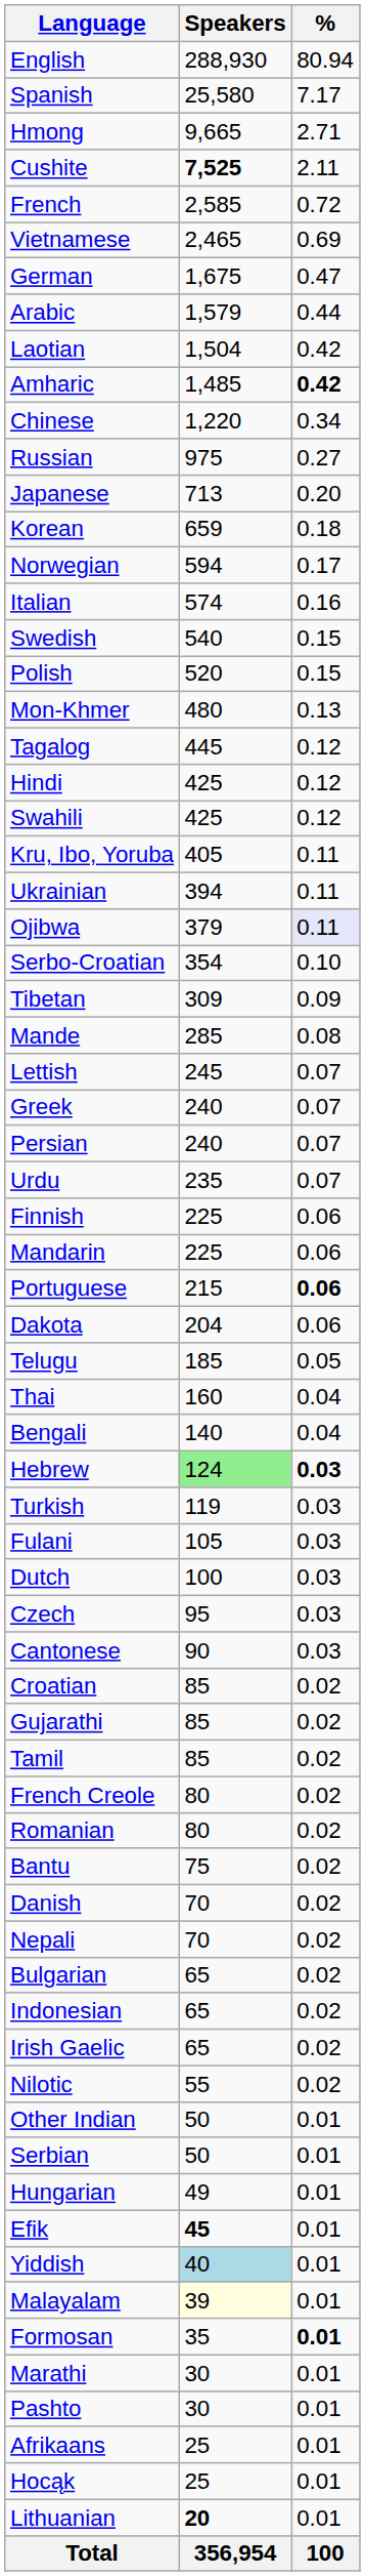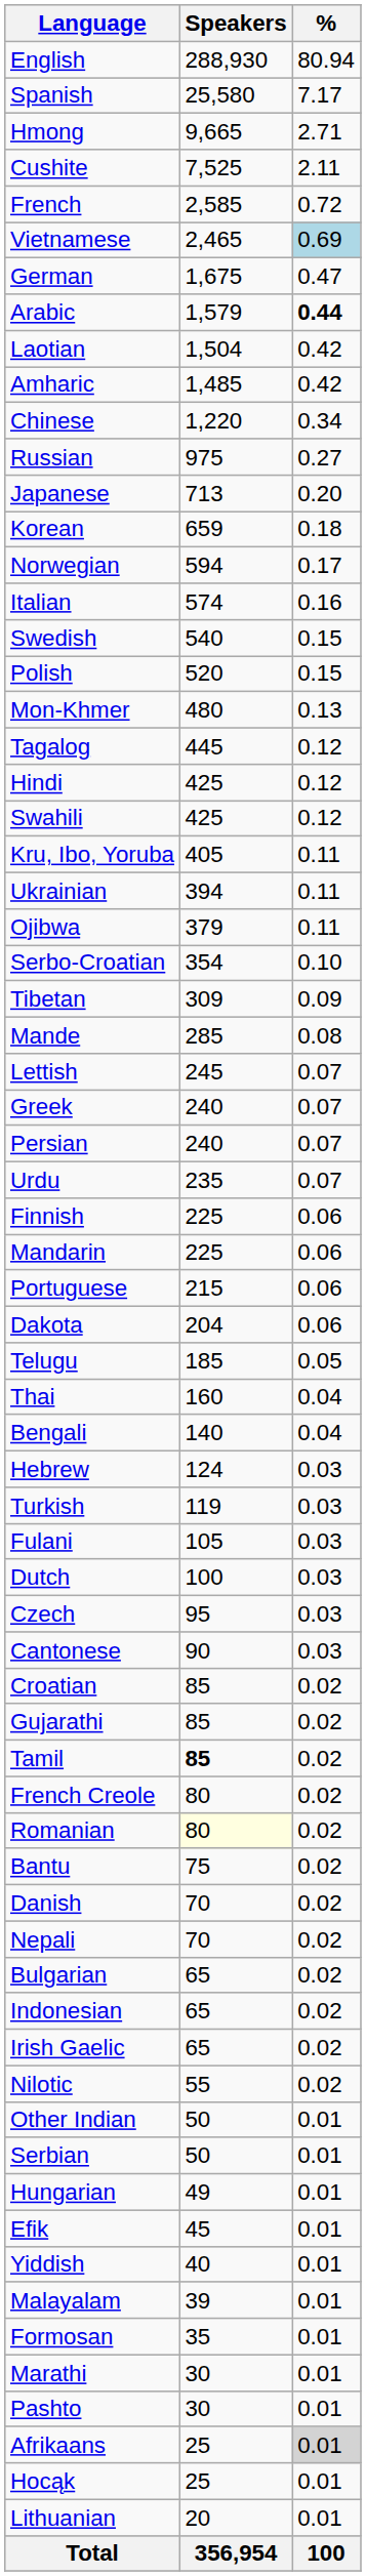 <table class="wikitable sortable mw-collapsible mw-collapsed collapsible" style="font-size: 90%;">
 <tr>
 <th><a href='#'>Language</a></th>
 <th>Speakers</th>
 <th>%</th>
 </tr>
 <tr>
 <td><a href='#'>English</a></td>
 <td>288,930</td>
 <td>80.94</td>
 </tr>
 <tr>
 <td><a href='#'>Spanish</a></td>
 <td>25,580</td>
 <td>7.17</td>
 </tr>
 <tr>
 <td><a href='#'>Hmong</a></td>
 <td>9,665</td>
 <td>2.71</td>
 </tr>
 <tr>
 <td><a href='#'>Cushite</a></td>
-<td><strong>7,525</strong></td>
+<td>7,525</td>
 <td>2.11</td>
 </tr>
 <tr>
 <td><a href='#'>French</a></td>
 <td>2,585</td>
 <td>0.72</td>
 </tr>
 <tr>
 <td><a href='#'>Vietnamese</a></td>
 <td>2,465</td>
-<td>0.69</td>
+<td style="background: lightblue;">0.69</td>
 </tr>
 <tr>
 <td><a href='#'>German</a></td>
 <td>1,675</td>
 <td>0.47</td>
 </tr>
 <tr>
 <td><a href='#'>Arabic</a></td>
 <td>1,579</td>
-<td>0.44</td>
+<td><strong>0.44</strong></td>
 </tr>
 <tr>
 <td><a href='#'>Laotian</a></td>
 <td>1,504</td>
 <td>0.42</td>
 </tr>
 <tr>
 <td><a href='#'>Amharic</a></td>
 <td>1,485</td>
-<td><strong>0.42</strong></td>
+<td>0.42</td>
 </tr>
 <tr>
 <td><a href='#'>Chinese</a></td>
 <td>1,220</td>
 <td>0.34</td>
 </tr>
 <tr>
 <td><a href='#'>Russian</a></td>
 <td>975</td>
 <td>0.27</td>
 </tr>
 <tr>
 <td><a href='#'>Japanese</a></td>
 <td>713</td>
 <td>0.20</td>
 </tr>
 <tr>
 <td><a href='#'>Korean</a></td>
 <td>659</td>
 <td>0.18</td>
 </tr>
 <tr>
 <td><a href='#'>Norwegian</a></td>
 <td>594</td>
 <td>0.17</td>
 </tr>
 <tr>
 <td><a href='#'>Italian</a></td>
 <td>574</td>
 <td>0.16</td>
 </tr>
 <tr>
 <td><a href='#'>Swedish</a></td>
 <td>540</td>
 <td>0.15</td>
 </tr>
 <tr>
 <td><a href='#'>Polish</a></td>
 <td>520</td>
 <td>0.15</td>
 </tr>
 <tr>
 <td><a href='#'>Mon-Khmer</a></td>
 <td>480</td>
 <td>0.13</td>
 </tr>
 <tr>
 <td><a href='#'>Tagalog</a></td>
 <td>445</td>
 <td>0.12</td>
 </tr>
 <tr>
 <td><a href='#'>Hindi</a></td>
 <td>425</td>
 <td>0.12</td>
 </tr>
 <tr>
 <td><a href='#'>Swahili</a></td>
 <td>425</td>
 <td>0.12</td>
 </tr>
 <tr>
 <td><a href='#'>Kru, Ibo, Yoruba</a></td>
 <td>405</td>
 <td>0.11</td>
 </tr>
 <tr>
 <td><a href='#'>Ukrainian</a></td>
 <td>394</td>
 <td>0.11</td>
 </tr>
 <tr>
 <td><a href='#'>Ojibwa</a></td>
 <td>379</td>
-<td style="background: lavender;">0.11</td>
+<td>0.11</td>
 </tr>
 <tr>
 <td><a href='#'>Serbo-Croatian</a></td>
 <td>354</td>
 <td>0.10</td>
 </tr>
 <tr>
 <td><a href='#'>Tibetan</a></td>
 <td>309</td>
 <td>0.09</td>
 </tr>
 <tr>
 <td><a href='#'>Mande</a></td>
 <td>285</td>
 <td>0.08</td>
 </tr>
 <tr>
 <td><a href='#'>Lettish</a></td>
 <td>245</td>
 <td>0.07</td>
 </tr>
 <tr>
 <td><a href='#'>Greek</a></td>
 <td>240</td>
 <td>0.07</td>
 </tr>
 <tr>
 <td><a href='#'>Persian</a></td>
 <td>240</td>
 <td>0.07</td>
 </tr>
 <tr>
 <td><a href='#'>Urdu</a></td>
 <td>235</td>
 <td>0.07</td>
 </tr>
 <tr>
 <td><a href='#'>Finnish</a></td>
 <td>225</td>
 <td>0.06</td>
 </tr>
 <tr>
 <td><a href='#'>Mandarin</a></td>
 <td>225</td>
 <td>0.06</td>
 </tr>
 <tr>
 <td><a href='#'>Portuguese</a></td>
 <td>215</td>
-<td><strong>0.06</strong></td>
+<td>0.06</td>
 </tr>
 <tr>
 <td><a href='#'>Dakota</a></td>
 <td>204</td>
 <td>0.06</td>
 </tr>
 <tr>
 <td><a href='#'>Telugu</a></td>
 <td>185</td>
 <td>0.05</td>
 </tr>
 <tr>
 <td><a href='#'>Thai</a></td>
 <td>160</td>
 <td>0.04</td>
 </tr>
 <tr>
 <td><a href='#'>Bengali</a></td>
 <td>140</td>
 <td>0.04</td>
 </tr>
 <tr>
 <td><a href='#'>Hebrew</a></td>
-<td style="background: lightgreen;">124</td>
-<td><strong>0.03</strong></td>
+<td>124</td>
+<td>0.03</td>
 </tr>
 <tr>
 <td><a href='#'>Turkish</a></td>
 <td>119</td>
 <td>0.03</td>
 </tr>
 <tr>
 <td><a href='#'>Fulani</a></td>
 <td>105</td>
 <td>0.03</td>
 </tr>
 <tr>
 <td><a href='#'>Dutch</a></td>
 <td>100</td>
 <td>0.03</td>
 </tr>
 <tr>
 <td><a href='#'>Czech</a></td>
 <td>95</td>
 <td>0.03</td>
 </tr>
 <tr>
 <td><a href='#'>Cantonese</a></td>
 <td>90</td>
 <td>0.03</td>
 </tr>
 <tr>
 <td><a href='#'>Croatian</a></td>
 <td>85</td>
 <td>0.02</td>
 </tr>
 <tr>
 <td><a href='#'>Gujarathi</a></td>
 <td>85</td>
 <td>0.02</td>
 </tr>
 <tr>
 <td><a href='#'>Tamil</a></td>
-<td>85</td>
+<td><strong>85</strong></td>
 <td>0.02</td>
 </tr>
 <tr>
 <td><a href='#'>French Creole</a></td>
 <td>80</td>
 <td>0.02</td>
 </tr>
 <tr>
 <td><a href='#'>Romanian</a></td>
-<td>80</td>
+<td style="background: lightyellow;">80</td>
 <td>0.02</td>
 </tr>
 <tr>
 <td><a href='#'>Bantu</a></td>
 <td>75</td>
 <td>0.02</td>
 </tr>
 <tr>
 <td><a href='#'>Danish</a></td>
 <td>70</td>
 <td>0.02</td>
 </tr>
 <tr>
 <td><a href='#'>Nepali</a></td>
 <td>70</td>
 <td>0.02</td>
 </tr>
 <tr>
 <td><a href='#'>Bulgarian</a></td>
 <td>65</td>
 <td>0.02</td>
 </tr>
 <tr>
 <td><a href='#'>Indonesian</a></td>
 <td>65</td>
 <td>0.02</td>
 </tr>
 <tr>
 <td><a href='#'>Irish Gaelic</a></td>
 <td>65</td>
 <td>0.02</td>
 </tr>
 <tr>
 <td><a href='#'>Nilotic</a></td>
 <td>55</td>
 <td>0.02</td>
 </tr>
 <tr>
 <td><a href='#'>Other Indian</a></td>
 <td>50</td>
 <td>0.01</td>
 </tr>
 <tr>
 <td><a href='#'>Serbian</a></td>
 <td>50</td>
 <td>0.01</td>
 </tr>
 <tr>
 <td><a href='#'>Hungarian</a></td>
 <td>49</td>
 <td>0.01</td>
 </tr>
 <tr>
 <td><a href='#'>Efik</a></td>
-<td><strong>45</strong></td>
+<td>45</td>
 <td>0.01</td>
 </tr>
 <tr>
 <td><a href='#'>Yiddish</a></td>
-<td style="background: lightblue;">40</td>
+<td>40</td>
 <td>0.01</td>
 </tr>
 <tr>
 <td><a href='#'>Malayalam</a></td>
-<td style="background: lightyellow;">39</td>
+<td>39</td>
 <td>0.01</td>
 </tr>
 <tr>
 <td><a href='#'>Formosan</a></td>
 <td>35</td>
-<td><strong>0.01</strong></td>
+<td>0.01</td>
 </tr>
 <tr>
 <td><a href='#'>Marathi</a></td>
 <td>30</td>
 <td>0.01</td>
 </tr>
 <tr>
 <td><a href='#'>Pashto</a></td>
 <td>30</td>
 <td>0.01</td>
 </tr>
 <tr>
 <td><a href='#'>Afrikaans</a></td>
 <td>25</td>
-<td>0.01</td>
+<td style="background: lightgrey;">0.01</td>
 </tr>
 <tr>
 <td><a href='#'>Hocąk</a></td>
 <td>25</td>
 <td>0.01</td>
 </tr>
 <tr>
 <td><a href='#'>Lithuanian</a></td>
-<td><strong>20</strong></td>
+<td>20</td>
 <td>0.01</td>
 </tr>
 <tr>
 <th>Total</th>
 <th>356,954</th>
 <th>100</th>
 </tr>
 </table>
